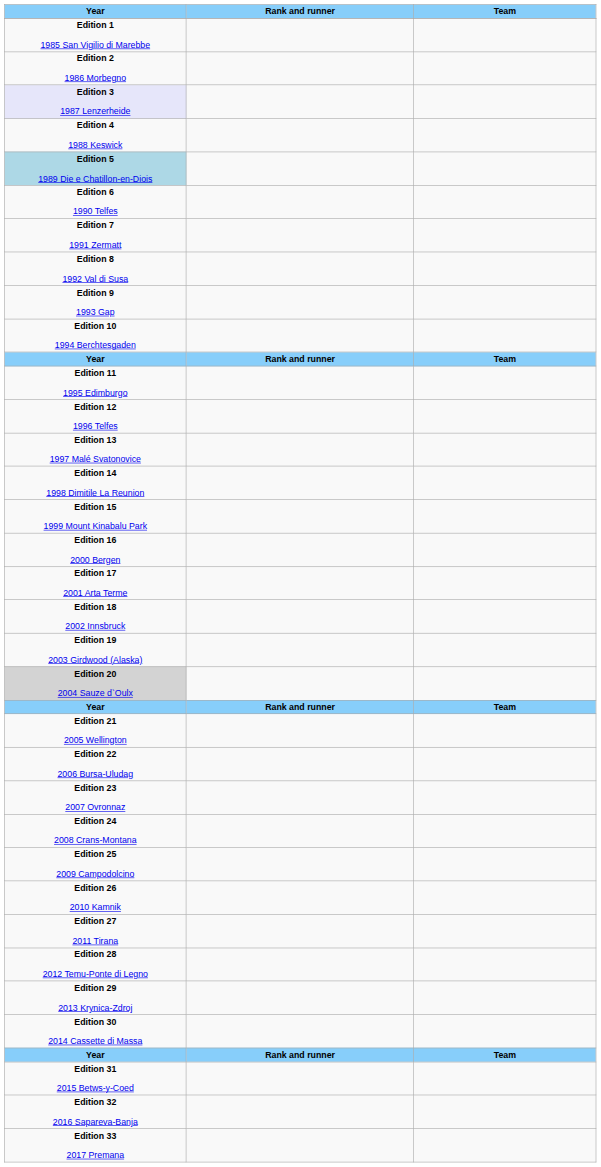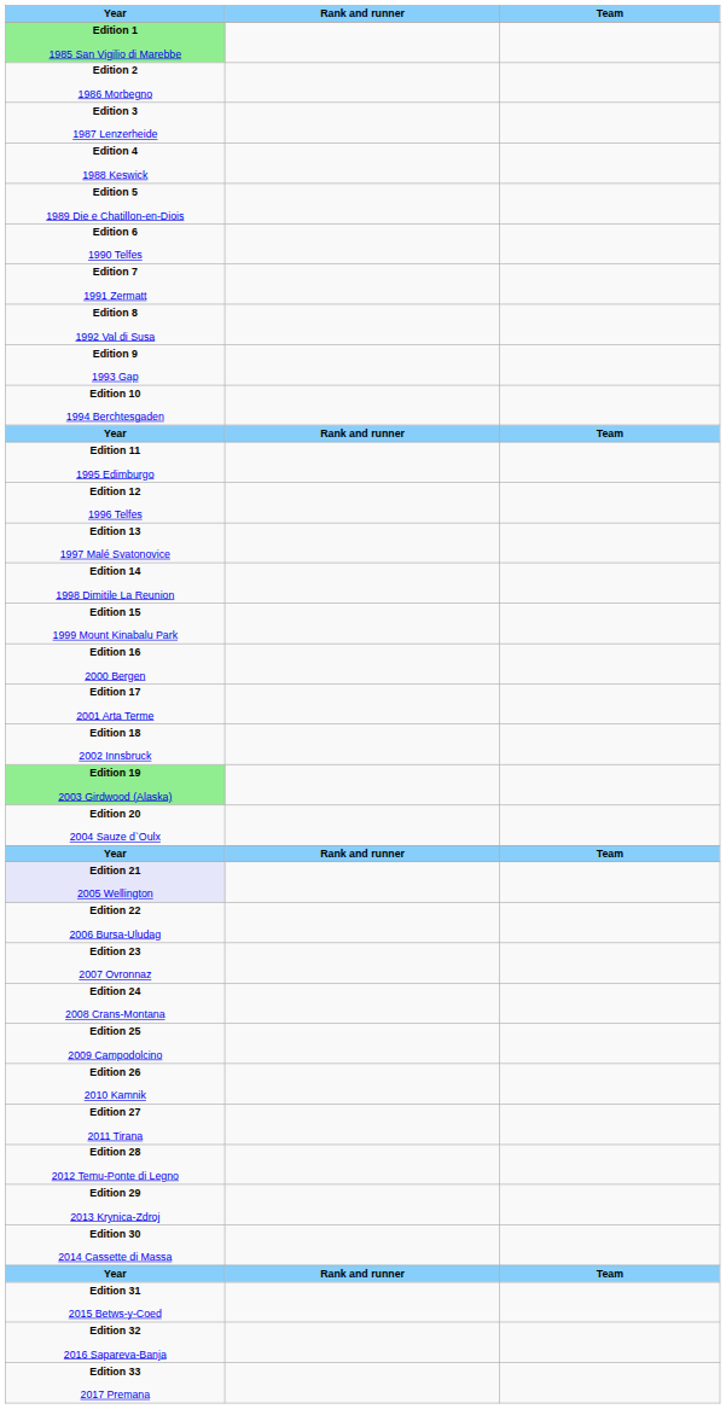 <table class="wikitable" style="font-size:90%;text-align:center;">
 <tr bgcolor=lightskyblue>
 <td width=20%><strong>Year</strong></td>
 <td width=25%><strong>Rank and runner</strong></td>
 <td width=20%><strong>Team</strong></td>
 </tr>
 <tr>
 </tr>
 <tr>
-<td><strong>Edition 1</strong> <br>  <br> <a href='#'>1985 San Vigilio di Marebbe</a></td>
+<td style="background: lightgreen;"><strong>Edition 1</strong> <br>  <br> <a href='#'>1985 San Vigilio di Marebbe</a></td>
 <td><br></td>
 <td><br></td>
 </tr>
 <tr>
 <td><strong>Edition 2</strong> <br>  <br> <a href='#'>1986 Morbegno</a></td>
 <td><br></td>
 <td><br></td>
 </tr>
 <tr>
-<td style="background: lavender;"><strong>Edition 3</strong> <br>  <br> <a href='#'>1987 Lenzerheide</a></td>
+<td><strong>Edition 3</strong> <br>  <br> <a href='#'>1987 Lenzerheide</a></td>
 <td><br></td>
 <td><br></td>
 </tr>
 <tr>
 <td><strong>Edition 4</strong> <br>  <br> <a href='#'>1988 Keswick</a></td>
 <td><br></td>
 <td><br></td>
 </tr>
 <tr>
-<td style="background: lightblue;"><strong>Edition 5</strong> <br>  <br> <a href='#'>1989 Die e Chatillon-en-Diois</a></td>
+<td><strong>Edition 5</strong> <br>  <br> <a href='#'>1989 Die e Chatillon-en-Diois</a></td>
 <td><br></td>
 <td><br></td>
 </tr>
 <tr>
 <td><strong>Edition 6</strong> <br>  <br> <a href='#'>1990 Telfes</a></td>
 <td><br></td>
 <td><br></td>
 </tr>
 <tr>
 <td><strong>Edition 7</strong> <br>  <br> <a href='#'>1991 Zermatt</a></td>
 <td><br></td>
 <td><br></td>
 </tr>
 <tr>
 <td><strong>Edition 8</strong> <br>  <br> <a href='#'>1992 Val di Susa</a></td>
 <td><br></td>
 <td><br></td>
 </tr>
 <tr>
 <td><strong>Edition 9</strong> <br>  <br> <a href='#'>1993 Gap</a></td>
 <td><br></td>
 <td><br></td>
 </tr>
 <tr>
 <td><strong>Edition 10</strong> <br>  <br> <a href='#'>1994 Berchtesgaden</a></td>
 <td><br></td>
 <td><br></td>
 </tr>
 <tr bgcolor=lightskyblue>
 <td width=20%><strong>Year</strong></td>
 <td width=25%><strong>Rank and runner</strong></td>
 <td width=20%><strong>Team</strong></td>
 </tr>
 <tr>
 <td><strong>Edition 11</strong> <br>  <br> <a href='#'>1995 Edimburgo</a></td>
 <td><br></td>
 <td><br></td>
 </tr>
 <tr>
 <td><strong>Edition 12</strong> <br>  <br> <a href='#'>1996 Telfes</a></td>
 <td><br></td>
 <td><br></td>
 </tr>
 <tr>
 <td><strong>Edition 13</strong> <br>  <br> <a href='#'>1997 Malé Svatonovice</a></td>
 <td><br></td>
 <td><br></td>
 </tr>
 <tr>
 <td><strong>Edition 14</strong> <br>  <br> <a href='#'>1998 Dimitile La Reunion</a></td>
 <td><br></td>
 <td><br></td>
 </tr>
 <tr>
 <td><strong>Edition 15</strong> <br>  <br> <a href='#'>1999 Mount Kinabalu Park</a></td>
 <td><br></td>
 <td><br></td>
 </tr>
 <tr>
 <td><strong>Edition 16</strong> <br>  <br> <a href='#'>2000 Bergen</a></td>
 <td><br></td>
 <td><br></td>
 </tr>
 <tr>
 <td><strong>Edition 17</strong> <br>  <br> <a href='#'>2001 Arta Terme</a></td>
 <td><br></td>
 <td><br></td>
 </tr>
 <tr>
 <td><strong>Edition 18</strong> <br>  <br> <a href='#'>2002 Innsbruck</a></td>
 <td><br></td>
 <td><br></td>
 </tr>
 <tr>
-<td><strong>Edition 19</strong> <br>  <br> <a href='#'>2003 Girdwood (Alaska)</a></td>
+<td style="background: lightgreen;"><strong>Edition 19</strong> <br>  <br> <a href='#'>2003 Girdwood (Alaska)</a></td>
 <td><br></td>
 <td><br></td>
 </tr>
 <tr>
-<td style="background: lightgrey;"><strong>Edition 20</strong> <br>  <br> <a href='#'>2004 Sauze d`Oulx</a></td>
+<td><strong>Edition 20</strong> <br>  <br> <a href='#'>2004 Sauze d`Oulx</a></td>
 <td><br></td>
 <td><br></td>
 </tr>
 <tr bgcolor=lightskyblue>
 <td width=20%><strong>Year</strong></td>
 <td width=25%><strong>Rank and runner</strong></td>
 <td width=20%><strong>Team</strong></td>
 </tr>
 <tr>
-<td><strong>Edition 21</strong> <br>  <br> <a href='#'>2005 Wellington</a></td>
+<td style="background: lavender;"><strong>Edition 21</strong> <br>  <br> <a href='#'>2005 Wellington</a></td>
 <td><br></td>
 <td><br></td>
 </tr>
 <tr>
 <td><strong>Edition 22</strong> <br>  <br> <a href='#'>2006 Bursa-Uludag</a></td>
 <td><br></td>
 <td><br></td>
 </tr>
 <tr>
 <td><strong>Edition 23</strong> <br>  <br> <a href='#'>2007 Ovronnaz</a></td>
 <td><br></td>
 <td><br></td>
 </tr>
 <tr>
 <td><strong>Edition 24</strong> <br>  <br> <a href='#'>2008 Crans-Montana</a></td>
 <td><br></td>
 <td><br></td>
 </tr>
 <tr>
 <td><strong>Edition 25</strong> <br>  <br> <a href='#'>2009 Campodolcino</a></td>
 <td><br></td>
 <td><br></td>
 </tr>
 <tr>
 <td><strong>Edition 26</strong> <br>  <br> <a href='#'>2010 Kamnik</a></td>
 <td><br></td>
 <td><br></td>
 </tr>
 <tr>
 <td><strong>Edition 27</strong> <br>  <br> <a href='#'>2011 Tirana</a></td>
 <td><br></td>
 <td><br></td>
 </tr>
 <tr>
 <td><strong>Edition 28</strong> <br>  <br> <a href='#'>2012 Temu-Ponte di Legno</a></td>
 <td><br></td>
 <td><br></td>
 </tr>
 <tr>
 <td><strong>Edition 29</strong> <br>  <br> <a href='#'>2013 Krynica-Zdroj</a></td>
 <td><br></td>
 <td><br></td>
 </tr>
 <tr>
 <td><strong>Edition 30</strong> <br>  <br> <a href='#'>2014 Cassette di Massa</a></td>
 <td><br></td>
 <td><br></td>
 </tr>
 <tr bgcolor=lightskyblue>
 <td width=20%><strong>Year</strong></td>
 <td width=25%><strong>Rank and runner</strong></td>
 <td width=20%><strong>Team</strong></td>
 </tr>
 <tr>
 <td><strong>Edition 31</strong> <br>  <br> <a href='#'>2015 Betws-y-Coed</a></td>
 <td><br></td>
 <td><br></td>
 </tr>
 <tr>
 <td><strong>Edition 32</strong> <br>  <br> <a href='#'>2016 Sapareva-Banja</a></td>
 <td><br></td>
 <td><br></td>
 </tr>
 <tr>
 <td><strong>Edition 33</strong> <br>  <br> <a href='#'>2017 Premana</a></td>
 <td><br></td>
 <td><br></td>
 </tr>
 </table>
